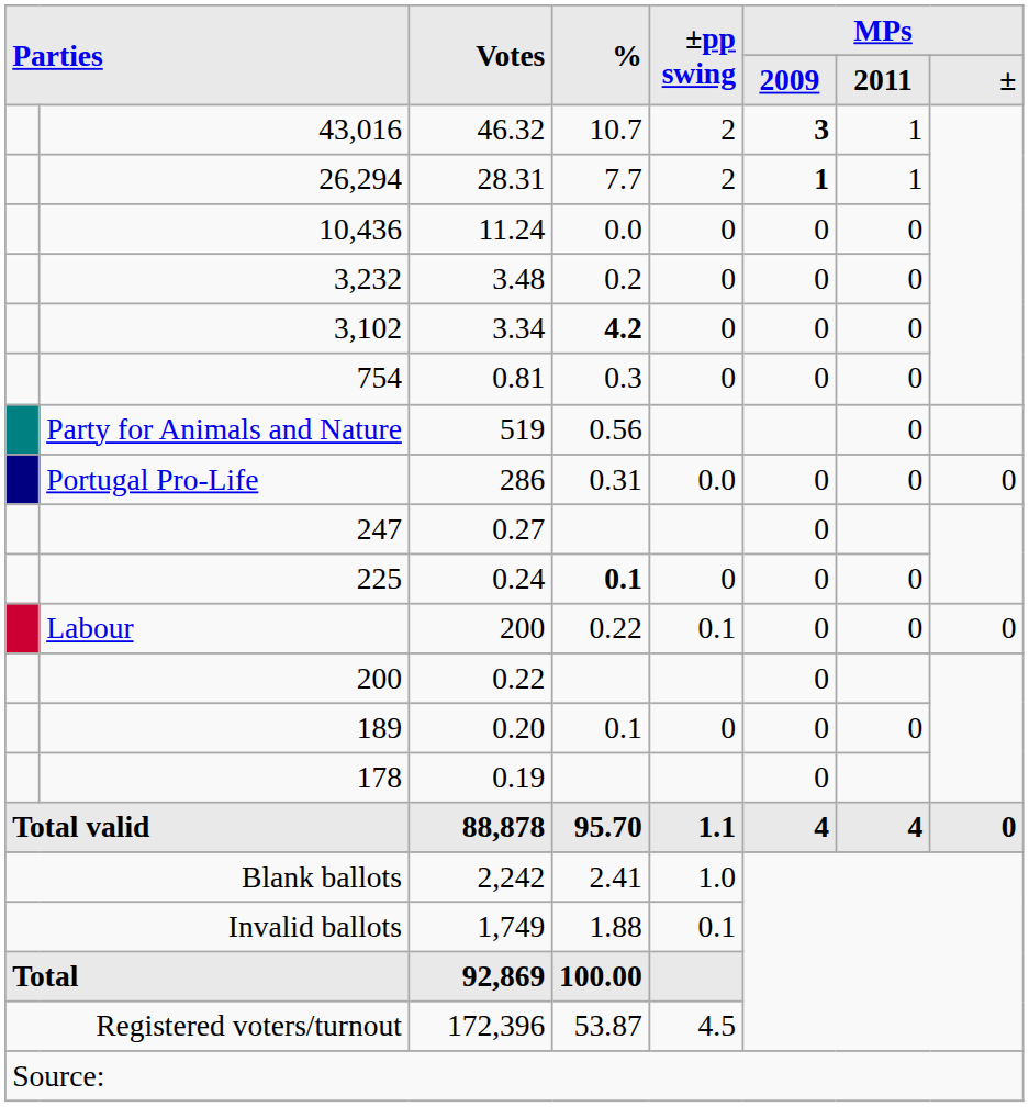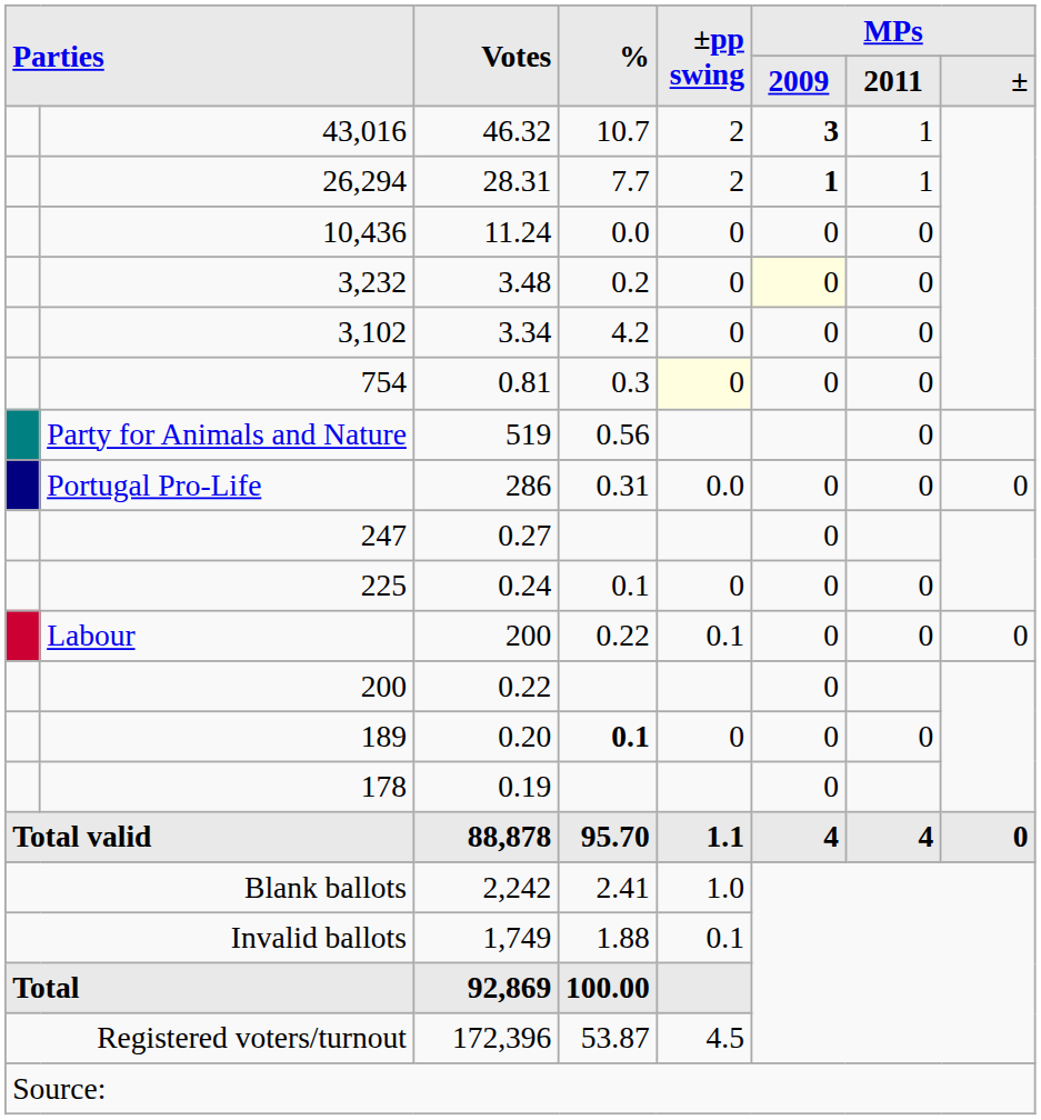 <table class="wikitable" style="text-align:right; font-size:95%;">
 <tr>
 <th rowspan="2" colspan="2" style="background:#e9e9e9; text-align:left;" alignleft><a href='#'>Parties</a></th>
 <th rowspan="2" style="background:#e9e9e9; text-align:right;">Votes</th>
 <th rowspan="2" style="background:#e9e9e9; text-align:right;">%</th>
 <th rowspan="2" style="background:#e9e9e9; text-align:right;">±<a href='#'>pp</a> <a href='#'>swing</a></th>
 <th colspan="3" style="background:#e9e9e9; text-align:center;"><a href='#'>MPs</a></th>
 </tr>
 <tr style="background-color:#E9E9E9">
 <th style="background-color:#E9E9E9;text-align:center;"><a href='#'>2009</a></th>
 <th style="background-color:#E9E9E9;text-align:center;">2011</th>
 <th style="background:#e9e9e9; text-align:right;">±</th>
 </tr>
 <tr>
 <td></td>
 <td>43,016</td>
 <td>46.32</td>
 <td>10.7</td>
 <td>2</td>
 <td><strong>3</strong></td>
 <td>1</td>
 </tr>
 <tr>
 <td></td>
 <td>26,294</td>
 <td>28.31</td>
 <td>7.7</td>
 <td>2</td>
 <td><strong>1</strong></td>
 <td>1</td>
 </tr>
 <tr>
 <td></td>
 <td>10,436</td>
 <td>11.24</td>
 <td>0.0</td>
 <td>0</td>
 <td>0</td>
 <td>0</td>
 </tr>
 <tr>
 <td></td>
 <td>3,232</td>
 <td>3.48</td>
 <td>0.2</td>
 <td>0</td>
-<td>0</td>
+<td style="background: lightyellow;">0</td>
 <td>0</td>
 </tr>
 <tr>
 <td></td>
 <td>3,102</td>
 <td>3.34</td>
-<td><strong>4.2</strong></td>
+<td>4.2</td>
 <td>0</td>
 <td>0</td>
 <td>0</td>
 </tr>
 <tr>
 <td></td>
 <td>754</td>
 <td>0.81</td>
 <td>0.3</td>
-<td>0</td>
+<td style="background: lightyellow;">0</td>
 <td>0</td>
 <td>0</td>
 </tr>
 <tr>
 <td style="width: 10px" bgcolor="teal" align="center"></td>
 <td align="left"><a href='#'>Party for Animals and Nature</a></td>
 <td>519</td>
 <td>0.56</td>
 <td></td>
 <td></td>
 <td>0</td>
 <td></td>
 </tr>
 <tr>
 <td style="width:10px;background-color:#000080;text-align:center;"></td>
 <td style="text-align:left;"><a href='#'>Portugal Pro-Life</a></td>
 <td>286</td>
 <td>0.31</td>
 <td>0.0</td>
 <td>0</td>
 <td>0</td>
 <td>0</td>
 </tr>
 <tr>
 <td></td>
 <td>247</td>
 <td>0.27</td>
 <td></td>
 <td></td>
 <td>0</td>
 <td></td>
 </tr>
 <tr>
 <td></td>
 <td>225</td>
 <td>0.24</td>
-<td><strong>0.1</strong></td>
+<td>0.1</td>
 <td>0</td>
 <td>0</td>
 <td>0</td>
 </tr>
 <tr>
 <td style="width: 10px" bgcolor=#CC0033 align="center"></td>
 <td align=left><a href='#'>Labour</a></td>
 <td>200</td>
 <td>0.22</td>
 <td>0.1</td>
 <td>0</td>
 <td>0</td>
 <td>0</td>
 </tr>
 <tr>
 <td></td>
 <td>200</td>
 <td>0.22</td>
 <td></td>
 <td></td>
 <td>0</td>
 <td></td>
 </tr>
 <tr>
 <td></td>
 <td>189</td>
 <td>0.20</td>
-<td>0.1</td>
+<td><strong>0.1</strong></td>
 <td>0</td>
 <td>0</td>
 <td>0</td>
 </tr>
 <tr>
 <td></td>
 <td>178</td>
 <td>0.19</td>
 <td></td>
 <td></td>
 <td>0</td>
 <td></td>
 </tr>
 <tr>
 <td colspan=2 align=left style="background-color:#E9E9E9"><strong>Total valid</strong></td>
 <td width="65" align="right" style="background-color:#E9E9E9"><strong>88,878</strong></td>
 <td width="40" align="right" style="background-color:#E9E9E9"><strong>95.70</strong></td>
 <td width="40" align="right" style="background-color:#E9E9E9"><strong>1.1</strong></td>
 <td width="40" align="right" style="background-color:#E9E9E9"><strong>4</strong></td>
 <td width="40" align="right" style="background-color:#E9E9E9"><strong>4</strong></td>
 <td width="40" align="right" style="background-color:#E9E9E9"><strong>0</strong></td>
 </tr>
 <tr>
 <td colspan=2>Blank ballots</td>
 <td>2,242</td>
 <td>2.41</td>
 <td>1.0</td>
 <td colspan=4 rowspan=4></td>
 </tr>
 <tr>
 <td colspan=2>Invalid ballots</td>
 <td>1,749</td>
 <td>1.88</td>
 <td>0.1</td>
 </tr>
 <tr>
 <td colspan=2 align=left style="background-color:#E9E9E9"><strong>Total</strong></td>
 <td width="50" align="right" style="background-color:#E9E9E9"><strong>92,869</strong></td>
 <td width="40" align="right" style="background-color:#E9E9E9"><strong>100.00</strong></td>
 <td width="40" align="right" style="background-color:#E9E9E9"></td>
 </tr>
 <tr>
 <td colspan=2>Registered voters/turnout</td>
 <td>172,396</td>
 <td>53.87</td>
 <td>4.5</td>
 </tr>
 <tr>
 <td colspan=11 align=left>Source: </td>
 </tr>
 </table>
